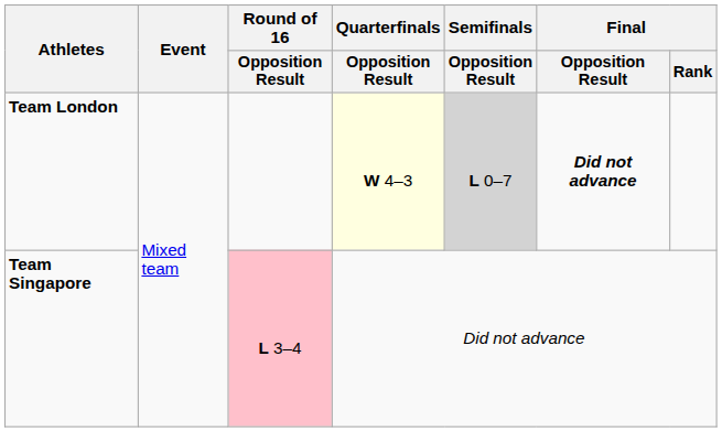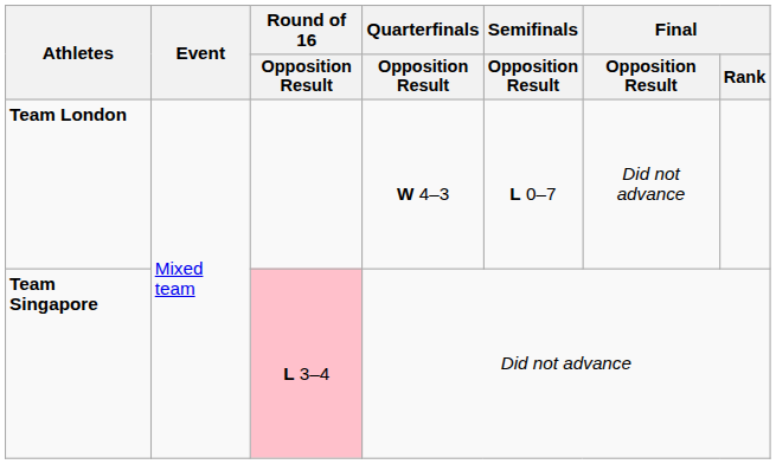 <table class="wikitable" style="font-size:90%">
 <tr>
 <th rowspan=2>Athletes</th>
 <th rowspan=2>Event</th>
 <th>Round of 16</th>
 <th>Quarterfinals</th>
 <th>Semifinals</th>
 <th colspan=2>Final</th>
 </tr>
 <tr style="font-size:95%">
 <th>Opposition<br>Result</th>
 <th>Opposition<br>Result</th>
 <th>Opposition<br>Result</th>
 <th>Opposition<br>Result</th>
 <th>Rank</th>
 </tr>
 <tr align=center>
 <td align=left><strong>Team London</strong><br><br><br><br><br><br><br><br></td>
 <td Rowspan = 2 align=left><a href='#'>Mixed team</a></td>
 <td></td>
-<td style="background: lightyellow;"><br><strong>W</strong> 4–3</td>
-<td style="background: lightgrey;"><br><strong>L</strong> 0–7</td>
-<td><strong><em>Did not advance</em></strong></td>
+<td><br><strong>W</strong> 4–3</td>
+<td><br><strong>L</strong> 0–7</td>
+<td><em>Did not advance</em></td>
 <td></td>
 </tr>
 <tr align=center>
 <td align=left><strong>Team Singapore</strong><br><br> <br><br><br><br><br><br></td>
 <td style="background: pink;"><br><strong>L</strong> 3–4</td>
 <td colspan=4><em>Did not advance</em></td>
 </tr>
 </table>
